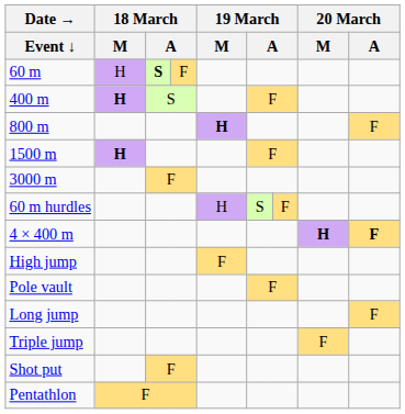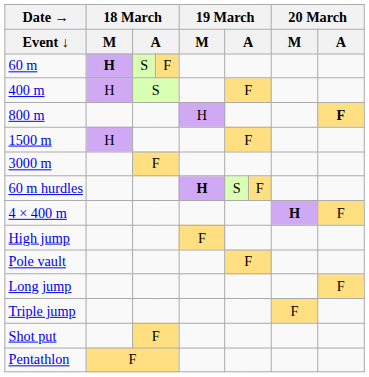 <table class="wikitable" style="margin:0.5em auto; font-size:90%; line-height:1.25em;">
 <tr align="center">
 <th>Date →</th>
 <th width="80px" colspan=3>18 March</th>
 <th width="80px" colspan=3>19 March</th>
 <th width="80px" colspan=2>20 March</th>
 </tr>
 <tr>
 <th>Event ↓</th>
 <th width="40px">M</th>
 <th width="40px" colspan=2>A</th>
 <th width="40px">M</th>
 <th width="40px" colspan=2>A</th>
 <th width="40px">M</th>
 <th width="40px">A</th>
 </tr>
 <tr align="center">
 <td align="left"><a href='#'>60 m</a></td>
-<td bgcolor="#D0A9F5">H</td>
-<td bgcolor="#D9FFB2" colspan=1><strong>S</strong></td>
+<td bgcolor="#D0A9F5"><strong>H</strong></td>
+<td bgcolor="#D9FFB2" colspan=1>S</td>
 <td bgcolor="#FFDF80" colspan=1>F</td>
 <td></td>
 <td colspan=2></td>
 <td></td>
 <td></td>
 </tr>
 <tr align="center">
 <td align="left"><a href='#'>400 m</a></td>
-<td bgcolor="#D0A9F5"><strong>H</strong></td>
+<td bgcolor="#D0A9F5">H</td>
 <td bgcolor="#D9FFB2" colspan=2>S</td>
 <td></td>
 <td bgcolor="#FFDF80" colspan=2>F</td>
 <td></td>
 <td></td>
 </tr>
 <tr align="center">
 <td align="left"><a href='#'>800 m</a></td>
 <td></td>
 <td colspan=2></td>
-<td bgcolor="#D0A9F5"><strong>H</strong></td>
+<td bgcolor="#D0A9F5">H</td>
 <td colspan=2></td>
 <td></td>
-<td bgcolor="#FFDF80">F</td>
+<td bgcolor="#FFDF80"><strong>F</strong></td>
 </tr>
 <tr align="center">
 <td align="left"><a href='#'>1500 m</a></td>
-<td bgcolor="#D0A9F5"><strong>H</strong></td>
+<td bgcolor="#D0A9F5">H</td>
 <td colspan=2></td>
 <td></td>
 <td bgcolor="#FFDF80" colspan=2>F</td>
 <td></td>
 <td></td>
 </tr>
 <tr align="center">
 <td align="left"><a href='#'>3000 m</a></td>
 <td></td>
 <td bgcolor="#FFDF80" colspan=2>F</td>
 <td></td>
 <td colspan=2></td>
 <td></td>
 <td></td>
 </tr>
 <tr align="center">
 <td align="left"><a href='#'>60 m hurdles</a></td>
 <td></td>
 <td colspan=2></td>
-<td bgcolor="#D0A9F5">H</td>
+<td bgcolor="#D0A9F5"><strong>H</strong></td>
 <td bgcolor="#D9FFB2" colspan=1>S</td>
 <td bgcolor="#FFDF80" colspan=1>F</td>
 <td></td>
 <td></td>
 </tr>
 <tr align="center">
 <td align="left"><a href='#'>4 × 400 m</a></td>
 <td></td>
 <td colspan=2></td>
 <td></td>
 <td colspan=2></td>
 <td bgcolor="#D0A9F5"><strong>H</strong></td>
-<td bgcolor="#FFDF80"><strong>F</strong></td>
+<td bgcolor="#FFDF80">F</td>
 </tr>
 <tr align="center">
 <td align="left"><a href='#'>High jump</a></td>
 <td></td>
 <td colspan=2></td>
 <td bgcolor="#FFDF80">F</td>
 <td colspan=2></td>
 <td></td>
 <td></td>
 </tr>
 <tr align="center">
 <td align="left"><a href='#'>Pole vault</a></td>
 <td></td>
 <td colspan=2></td>
 <td></td>
 <td bgcolor="#FFDF80" colspan=2>F</td>
 <td></td>
 <td></td>
 </tr>
 <tr align="center">
 <td align="left"><a href='#'>Long jump</a></td>
 <td></td>
 <td colspan=2></td>
 <td></td>
 <td colspan=2></td>
 <td></td>
 <td bgcolor="#FFDF80">F</td>
 </tr>
 <tr align="center">
 <td align="left"><a href='#'>Triple jump</a></td>
 <td></td>
 <td colspan=2></td>
 <td></td>
 <td colspan=2></td>
 <td bgcolor="#FFDF80">F</td>
 <td></td>
 </tr>
 <tr align="center">
 <td align="left"><a href='#'>Shot put</a></td>
 <td></td>
 <td bgcolor="#FFDF80" colspan=2>F</td>
 <td></td>
 <td colspan=2></td>
 <td></td>
 <td></td>
 </tr>
 <tr align="center">
 <td align="left"><a href='#'>Pentathlon</a></td>
 <td bgcolor="#FFDF80" colspan=3>F</td>
 <td></td>
 <td colspan=2></td>
 <td></td>
 <td></td>
 </tr>
 </table>
